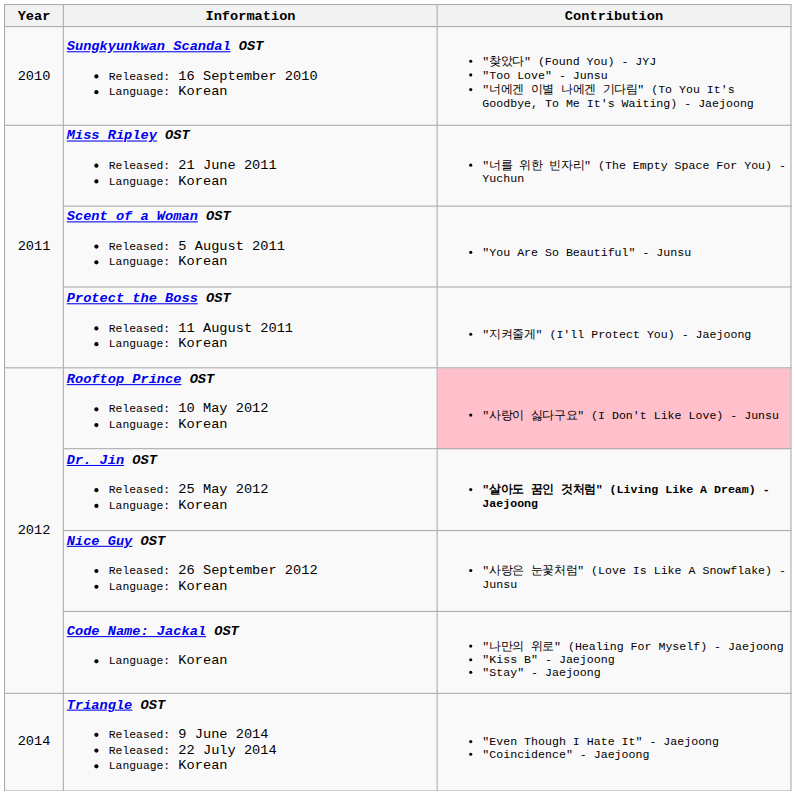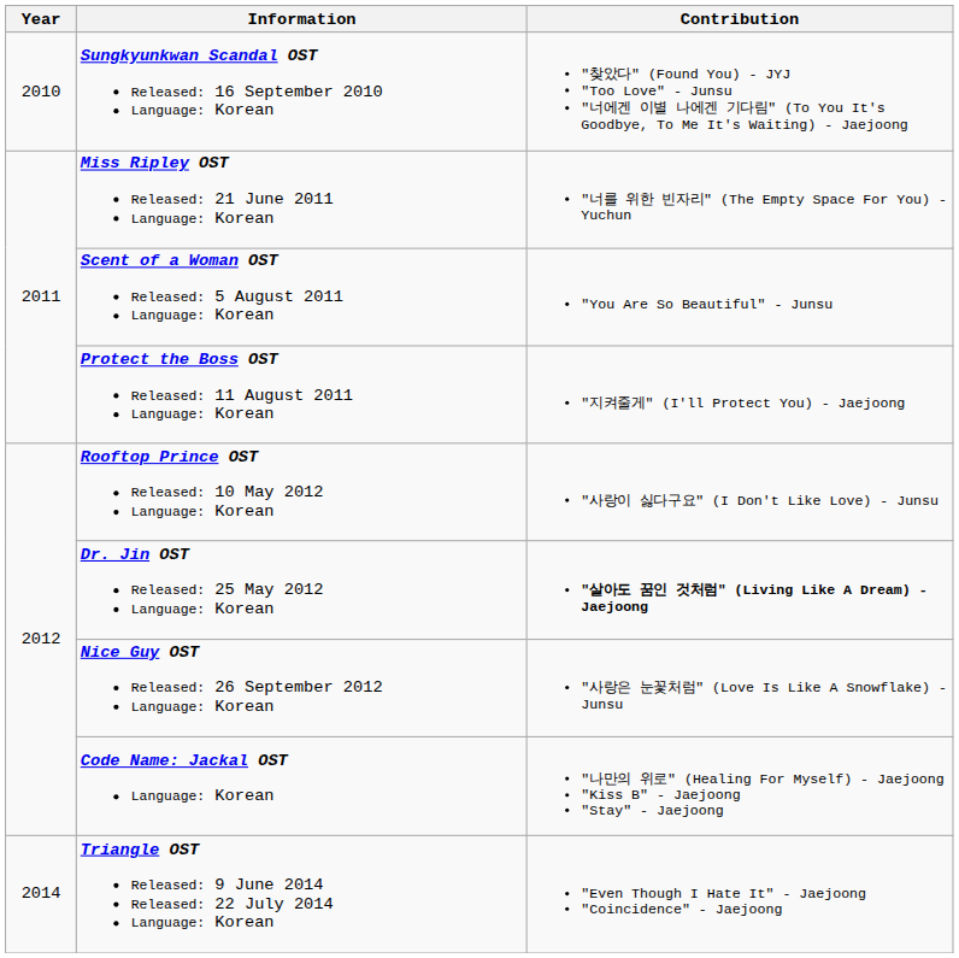 <table class="wikitable">
 <tr>
 <th style="width:50px;">Year</th>
 <th style="width:350px;">Information</th>
 <th style="width:330px;">Contribution</th>
 </tr>
 <tr>
 <td style="text-align:center">2010</td>
 <td><strong><em><a href='#'>Sungkyunkwan Scandal</a> OST</em></strong><br><ul><li><small>Released:</small> 16 September 2010</li><li><small>Language:</small> Korean</li></ul></td>
 <td style="font-size: 85%;"><br><ul><li>"찾았다" (Found You) - JYJ</li><li>"Too Love" - Junsu</li><li>"너에겐 이별 나에겐 기다림" (To You It's Goodbye, To Me It's Waiting) - Jaejoong</li></ul></td>
 </tr>
 <tr>
 <td rowspan="3" style="text-align:center">2011</td>
 <td><strong><em><a href='#'>Miss Ripley</a> OST</em></strong><br><ul><li><small>Released:</small> 21 June 2011</li><li><small>Language:</small> Korean</li></ul></td>
 <td style="font-size: 85%;"><br><ul><li>"너를 위한 빈자리" (The Empty Space For You) - Yuchun</li></ul></td>
 </tr>
 <tr>
 <td><strong><em><a href='#'>Scent of a Woman</a> OST</em></strong><br><ul><li><small>Released:</small> 5 August 2011</li><li><small>Language:</small> Korean</li></ul></td>
 <td style="font-size: 85%;"><br><ul><li>"You Are So Beautiful" - Junsu</li></ul></td>
 </tr>
 <tr>
 <td><strong><em><a href='#'>Protect the Boss</a> OST</em></strong><br><ul><li><small>Released:</small> 11 August 2011</li><li><small>Language:</small> Korean</li></ul></td>
 <td style="font-size: 85%;"><br><ul><li>"지켜줄게" (I'll Protect You) - Jaejoong</li></ul></td>
 </tr>
 <tr>
 <td rowspan="4" style="text-align:center">2012</td>
 <td><strong><em><a href='#'>Rooftop Prince</a> OST</em></strong><br><ul><li><small>Released:</small> 10 May 2012</li><li><small>Language:</small> Korean</li></ul></td>
-<td style="background: pink; font-size: 85%;"><br><ul><li>"사랑이 싫다구요" (I Don't Like Love) - Junsu</li></ul></td>
+<td style="font-size: 85%;"><br><ul><li>"사랑이 싫다구요" (I Don't Like Love) - Junsu</li></ul></td>
 </tr>
 <tr>
 <td><strong><em><a href='#'>Dr. Jin</a> OST</em></strong><br><ul><li><small>Released:</small> 25 May 2012</li><li><small>Language:</small> Korean</li></ul></td>
 <td style="font-size: 85%;"><strong><br><ul><li>"살아도 꿈인 것처럼" (Living Like A Dream) - Jaejoong</li></ul></strong></td>
 </tr>
 <tr>
 <td><strong><em><a href='#'>Nice Guy</a> OST</em></strong><br><ul><li><small>Released:</small> 26 September 2012</li><li><small>Language:</small> Korean</li></ul></td>
 <td style="font-size: 85%;"><br><ul><li>"사랑은 눈꽃처럼" (Love Is Like A Snowflake) - Junsu</li></ul></td>
 </tr>
 <tr>
 <td><strong><em><a href='#'>Code Name: Jackal</a> OST</em></strong><br><ul><li><small>Language:</small> Korean</li></ul></td>
 <td style="font-size: 85%;"><br><ul><li>"나만의 위로" (Healing For Myself) - Jaejoong</li><li>"Kiss B" - Jaejoong</li><li>"Stay" - Jaejoong</li></ul></td>
 </tr>
 <tr>
 <td rowspan="3" style="text-align:center">2014</td>
 <td><strong><em><a href='#'>Triangle</a> OST</em></strong><br><ul><li><small>Released:</small> 9 June 2014</li><li><small>Released:</small> 22 July 2014</li><li><small>Language:</small> Korean</li></ul></td>
 <td style="font-size: 85%;"><br><ul><li>"Even Though I Hate It" - Jaejoong</li><li>"Coincidence" - Jaejoong</li></ul></td>
 </tr>
 </table>
